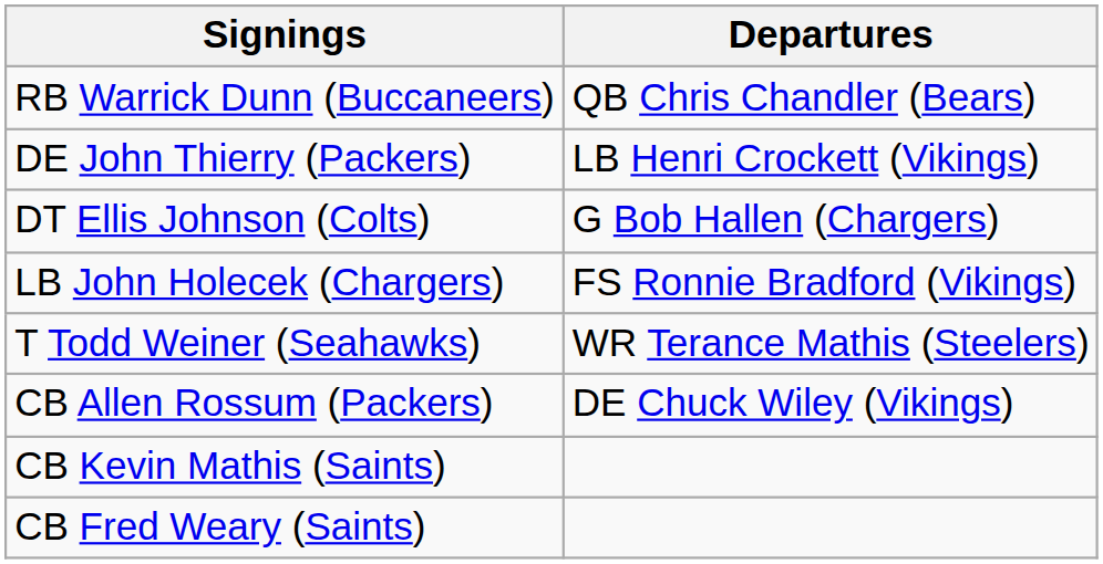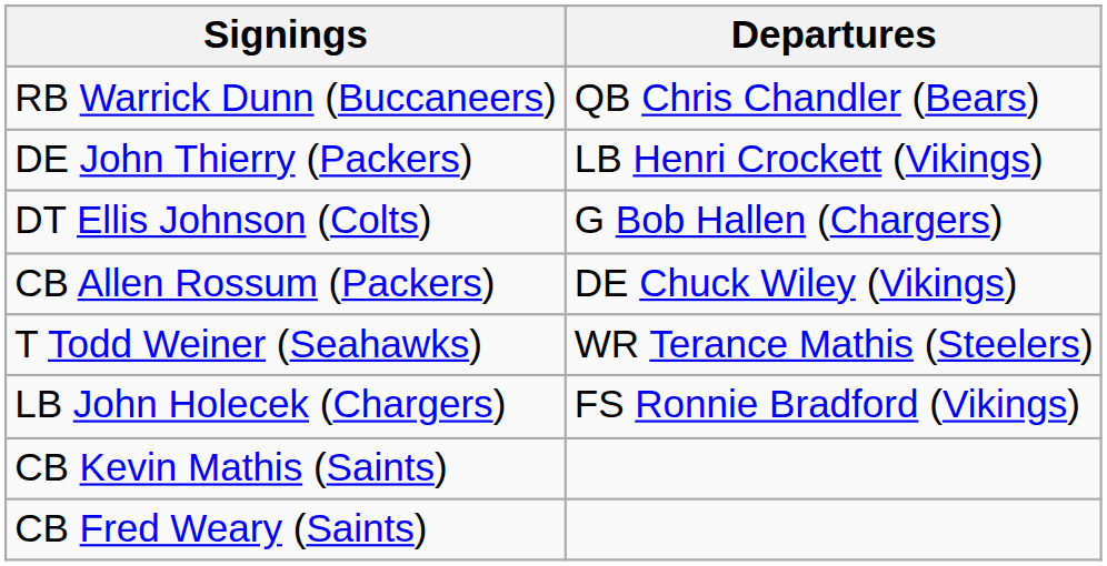 <table class="wikitable">
 <tr>
 <th>Signings</th>
 <th>Departures</th>
 </tr>
 <tr>
 <td>RB <a href='#'>Warrick Dunn</a> (<a href='#'>Buccaneers</a>)</td>
 <td>QB <a href='#'>Chris Chandler</a> (<a href='#'>Bears</a>)</td>
 </tr>
 <tr>
 <td>DE <a href='#'>John Thierry</a> (<a href='#'>Packers</a>)</td>
 <td>LB <a href='#'>Henri Crockett</a> (<a href='#'>Vikings</a>)</td>
 </tr>
 <tr>
 <td>DT <a href='#'>Ellis Johnson</a> (<a href='#'>Colts</a>)</td>
 <td>G <a href='#'>Bob Hallen</a> (<a href='#'>Chargers</a>)</td>
 </tr>
 <tr>
-<td>LB <a href='#'>John Holecek</a> (<a href='#'>Chargers</a>)</td>
-<td>FS <a href='#'>Ronnie Bradford</a> (<a href='#'>Vikings</a>)</td>
+<td>CB <a href='#'>Allen Rossum</a> (<a href='#'>Packers</a>)</td>
+<td>DE <a href='#'>Chuck Wiley</a> (<a href='#'>Vikings</a>)</td>
 </tr>
 <tr>
 <td>T <a href='#'>Todd Weiner</a> (<a href='#'>Seahawks</a>)</td>
 <td>WR <a href='#'>Terance Mathis</a> (<a href='#'>Steelers</a>)</td>
 </tr>
 <tr>
-<td>CB <a href='#'>Allen Rossum</a> (<a href='#'>Packers</a>)</td>
-<td>DE <a href='#'>Chuck Wiley</a> (<a href='#'>Vikings</a>)</td>
+<td>LB <a href='#'>John Holecek</a> (<a href='#'>Chargers</a>)</td>
+<td>FS <a href='#'>Ronnie Bradford</a> (<a href='#'>Vikings</a>)</td>
 </tr>
 <tr>
 <td>CB <a href='#'>Kevin Mathis</a> (<a href='#'>Saints</a>)</td>
 <td></td>
 </tr>
 <tr>
 <td>CB <a href='#'>Fred Weary</a> (<a href='#'>Saints</a>)</td>
 <td></td>
 </tr>
 </table>
